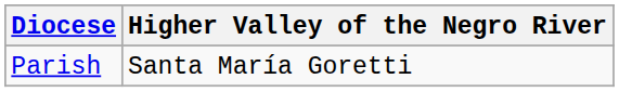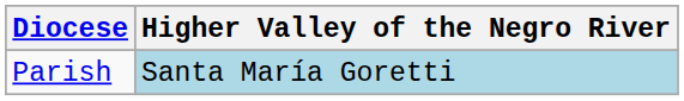 <table class="wikitable">
 <tr>
 <th><a href='#'>Diocese</a></th>
 <th>Higher Valley of the Negro River</th>
 </tr>
 <tr>
 <td><a href='#'>Parish</a></td>
-<td>Santa María Goretti</td>
+<td style="background: lightblue;">Santa María Goretti</td>
 </tr>
 </table>
